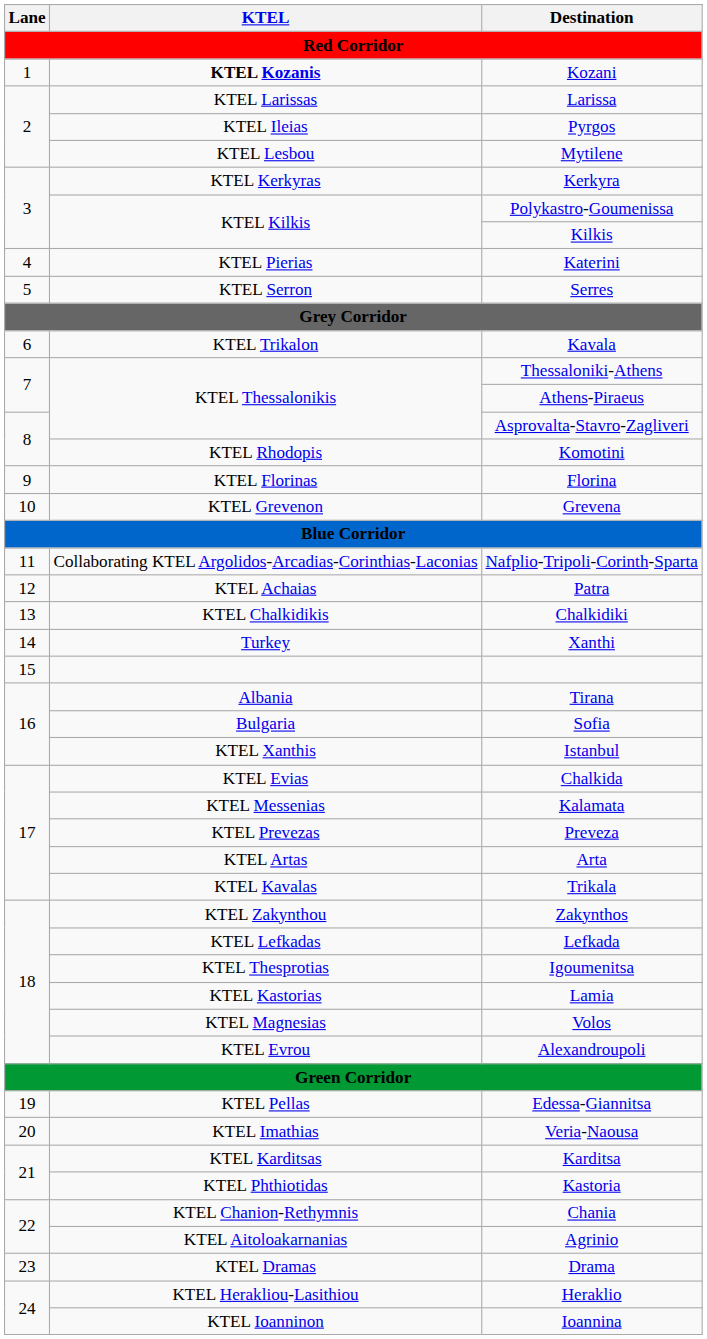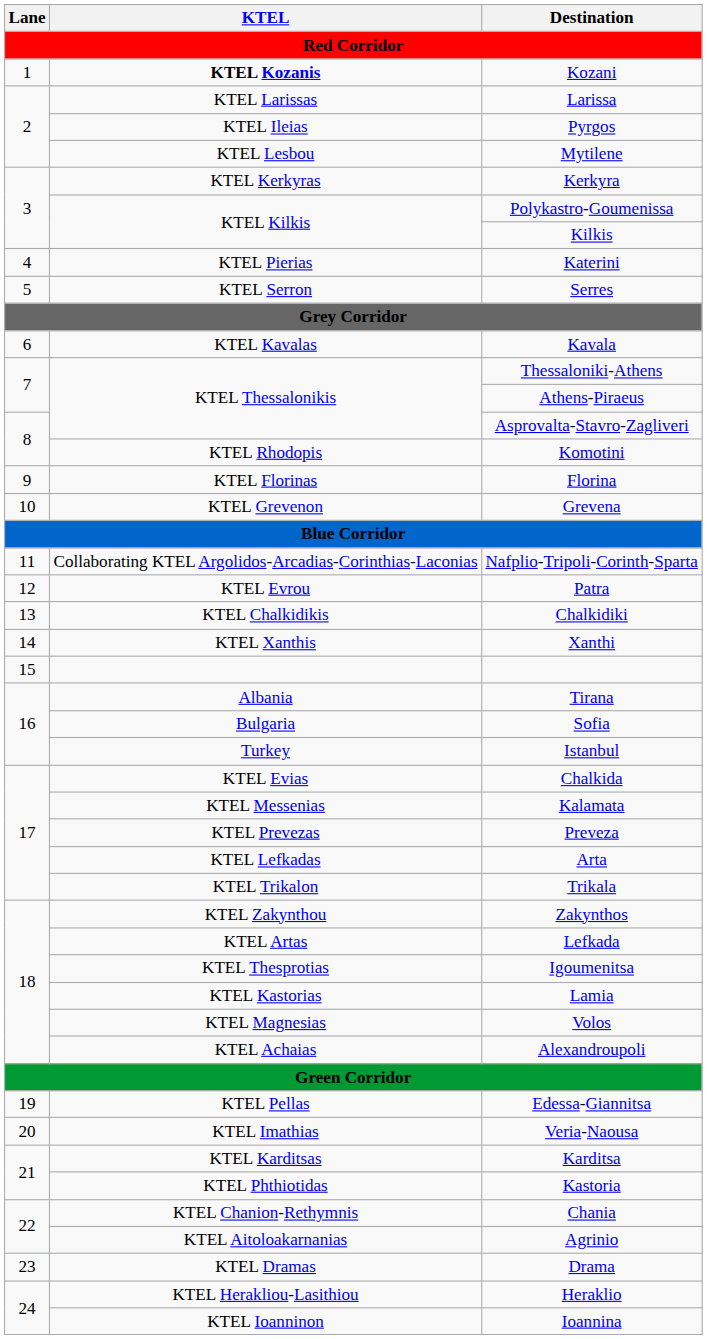 <table class="wikitable">
 <tr>
 <th align=center>Lane</th>
 <th align=center><a href='#'>KTEL</a></th>
 <th align=center>Destination</th>
 </tr>
 <tr bgcolor="#FF0000">
 <td align=center colspan=3><span><strong>Red Corridor</strong></span></td>
 </tr>
 <tr>
 <td align=center>1</td>
 <td align=center><strong>KTEL <a href='#'>Kozanis</a></strong></td>
 <td align=center><a href='#'>Kozani</a></td>
 </tr>
 <tr>
 <td align=center rowspan=3>2</td>
 <td align=center>KTEL <a href='#'>Larissas</a></td>
 <td align=center><a href='#'>Larissa</a></td>
 </tr>
 <tr>
 <td align=center>KTEL <a href='#'>Ileias</a></td>
 <td align=center><a href='#'>Pyrgos</a></td>
 </tr>
 <tr>
 <td align=center>KTEL <a href='#'>Lesbou</a></td>
 <td align=center><a href='#'>Mytilene</a></td>
 </tr>
 <tr>
 <td align=center rowspan=3>3</td>
 <td align=center>KTEL <a href='#'>Kerkyras</a></td>
 <td align=center><a href='#'>Kerkyra</a></td>
 </tr>
 <tr>
 <td align=center rowspan=2>KTEL <a href='#'>Kilkis</a></td>
 <td align=center><a href='#'>Polykastro</a>-<a href='#'>Goumenissa</a></td>
 </tr>
 <tr>
 <td align=center><a href='#'>Kilkis</a></td>
 </tr>
 <tr>
 <td align=center>4</td>
 <td align=center>KTEL <a href='#'>Pierias</a></td>
 <td align=center><a href='#'>Katerini</a></td>
 </tr>
 <tr>
 <td align=center>5</td>
 <td align=center>KTEL <a href='#'>Serron</a></td>
 <td align=center><a href='#'>Serres</a></td>
 </tr>
 <tr bgcolor="#666666">
 <td align=center colspan=3><span><strong>Grey Corridor</strong></span></td>
 </tr>
 <tr>
 <td align=center>6</td>
-<td align=center>KTEL <a href='#'>Trikalon</a></td>
+<td align=center>KTEL <a href='#'>Kavalas</a></td>
 <td align=center><a href='#'>Kavala</a></td>
 </tr>
 <tr>
 <td align=center rowspan=2>7</td>
 <td align=center rowspan=3>KTEL <a href='#'>Thessalonikis</a></td>
 <td align=center><a href='#'>Thessaloniki</a>-<a href='#'>Athens</a></td>
 </tr>
 <tr>
 <td align=center><a href='#'>Athens</a>-<a href='#'>Piraeus</a></td>
 </tr>
 <tr>
 <td align=center rowspan=2>8</td>
 <td align=center><a href='#'>Asprovalta</a>-<a href='#'>Stavro</a>-<a href='#'>Zagliveri</a></td>
 </tr>
 <tr>
 <td align=center>KTEL <a href='#'>Rhodopis</a></td>
 <td align=center><a href='#'>Komotini</a></td>
 </tr>
 <tr>
 <td align=center>9</td>
 <td align=center>KTEL <a href='#'>Florinas</a></td>
 <td align=center><a href='#'>Florina</a></td>
 </tr>
 <tr>
 <td align=center>10</td>
 <td align=center>KTEL <a href='#'>Grevenon</a></td>
 <td align=center><a href='#'>Grevena</a></td>
 </tr>
 <tr bgcolor="#0066CC">
 <td align=center colspan=3><span><strong>Blue Corridor</strong></span></td>
 </tr>
 <tr>
 <td align=center>11</td>
 <td align=center>Collaborating KTEL <a href='#'>Argolidos</a>-<a href='#'>Arcadias</a>-<a href='#'>Corinthias</a>-<a href='#'>Laconias</a></td>
 <td align=center><a href='#'>Nafplio</a>-<a href='#'>Tripoli</a>-<a href='#'>Corinth</a>-<a href='#'>Sparta</a></td>
 </tr>
 <tr>
 <td align=center>12</td>
-<td align=center>KTEL <a href='#'>Achaias</a></td>
+<td align=center>KTEL <a href='#'>Evrou</a></td>
 <td align=center><a href='#'>Patra</a></td>
 </tr>
 <tr>
 <td align=center>13</td>
 <td align=center>KTEL <a href='#'>Chalkidikis</a></td>
 <td align=center><a href='#'>Chalkidiki</a></td>
 </tr>
 <tr>
 <td align=center>14</td>
-<td align=center> <a href='#'>Turkey</a></td>
+<td align=center>KTEL <a href='#'>Xanthis</a></td>
 <td align=center><a href='#'>Xanthi</a></td>
 </tr>
 <tr>
 <td align=center>15</td>
 <td></td>
 <td></td>
 </tr>
 <tr>
 <td align=center rowspan=3>16</td>
 <td align=center> <a href='#'>Albania</a></td>
 <td align=center><a href='#'>Tirana</a></td>
 </tr>
 <tr>
 <td align=center> <a href='#'>Bulgaria</a></td>
 <td align=center><a href='#'>Sofia</a></td>
 </tr>
 <tr>
-<td align=center>KTEL <a href='#'>Xanthis</a></td>
+<td align=center> <a href='#'>Turkey</a></td>
 <td align=center><a href='#'>Istanbul</a></td>
 </tr>
 <tr>
 <td align=center rowspan=5>17</td>
 <td align=center>KTEL <a href='#'>Evias</a></td>
 <td align=center><a href='#'>Chalkida</a></td>
 </tr>
 <tr>
 <td align=center>KTEL <a href='#'>Messenias</a></td>
 <td align=center><a href='#'>Kalamata</a></td>
 </tr>
 <tr>
 <td align=center>KTEL <a href='#'>Prevezas</a></td>
 <td align=center><a href='#'>Preveza</a></td>
 </tr>
 <tr>
-<td align=center>KTEL <a href='#'>Artas</a></td>
+<td align=center>KTEL <a href='#'>Lefkadas</a></td>
 <td align=center><a href='#'>Arta</a></td>
 </tr>
 <tr>
-<td align=center>KTEL <a href='#'>Kavalas</a></td>
+<td align=center>KTEL <a href='#'>Trikalon</a></td>
 <td align=center><a href='#'>Trikala</a></td>
 </tr>
 <tr>
 <td align=center rowspan=6>18</td>
 <td align=center>KTEL <a href='#'>Zakynthou</a></td>
 <td align=center><a href='#'>Zakynthos</a></td>
 </tr>
 <tr>
-<td align=center>KTEL <a href='#'>Lefkadas</a></td>
+<td align=center>KTEL <a href='#'>Artas</a></td>
 <td align=center><a href='#'>Lefkada</a></td>
 </tr>
 <tr>
 <td align=center>KTEL <a href='#'>Thesprotias</a></td>
 <td align=center><a href='#'>Igoumenitsa</a></td>
 </tr>
 <tr>
 <td align=center>KTEL <a href='#'>Kastorias</a></td>
 <td align=center><a href='#'>Lamia</a></td>
 </tr>
 <tr>
 <td align=center>KTEL <a href='#'>Magnesias</a></td>
 <td align=center><a href='#'>Volos</a></td>
 </tr>
 <tr>
-<td align=center>KTEL <a href='#'>Evrou</a></td>
+<td align=center>KTEL <a href='#'>Achaias</a></td>
 <td align=center><a href='#'>Alexandroupoli</a></td>
 </tr>
 <tr bgcolor="#009933">
 <td align=center colspan=3><span><strong>Green Corridor</strong></span></td>
 </tr>
 <tr>
 <td align=center>19</td>
 <td align=center>KTEL <a href='#'>Pellas</a></td>
 <td align=center><a href='#'>Edessa</a>-<a href='#'>Giannitsa</a></td>
 </tr>
 <tr>
 <td align=center>20</td>
 <td align=center>KTEL <a href='#'>Imathias</a></td>
 <td align=center><a href='#'>Veria</a>-<a href='#'>Naousa</a></td>
 </tr>
 <tr>
 <td align=center rowspan=2>21</td>
 <td align=center>KTEL <a href='#'>Karditsas</a></td>
 <td align=center><a href='#'>Karditsa</a></td>
 </tr>
 <tr>
 <td align=center>KTEL <a href='#'>Phthiotidas</a></td>
 <td align=center><a href='#'>Kastoria</a></td>
 </tr>
 <tr>
 <td align=center rowspan=2>22</td>
 <td align=center>KTEL <a href='#'>Chanion</a>-<a href='#'>Rethymnis</a></td>
 <td align=center><a href='#'>Chania</a></td>
 </tr>
 <tr>
 <td align=center>KTEL <a href='#'>Aitoloakarnanias</a></td>
 <td align=center><a href='#'>Agrinio</a></td>
 </tr>
 <tr>
 <td align=center>23</td>
 <td align=center>KTEL <a href='#'>Dramas</a></td>
 <td align=center><a href='#'>Drama</a></td>
 </tr>
 <tr>
 <td align=center rowspan=2>24</td>
 <td align=center>KTEL <a href='#'>Herakliou</a>-<a href='#'>Lasithiou</a></td>
 <td align=center><a href='#'>Heraklio</a></td>
 </tr>
 <tr>
 <td align=center>KTEL <a href='#'>Ioanninon</a></td>
 <td align=center><a href='#'>Ioannina</a></td>
 </tr>
 </table>
